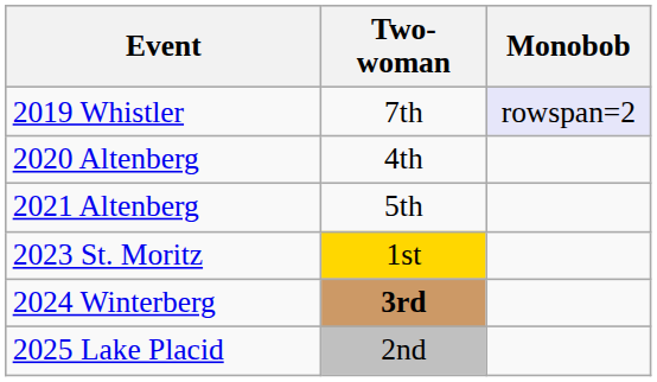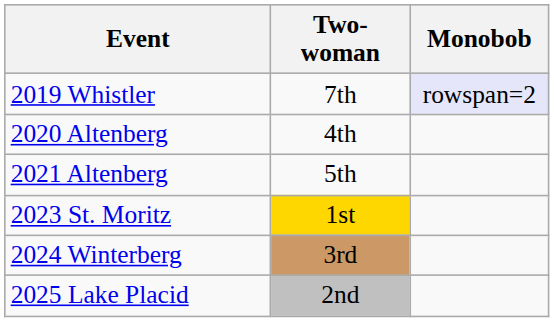 <table class="wikitable" style="text-align:center">
 <tr>
 <th style="width:160px">Event</th>
 <th style="width:80px">Two-woman</th>
 <th style="width:80px">Monobob</th>
 </tr>
 <tr>
 <td style="text-align:left"> <a href='#'>2019 Whistler</a></td>
 <td>7th</td>
 <td style="background: lavender;">rowspan=2 </td>
 </tr>
 <tr>
 <td style="text-align:left"> <a href='#'>2020 Altenberg</a></td>
 <td>4th</td>
 </tr>
 <tr>
 <td style="text-align:left"> <a href='#'>2021 Altenberg</a></td>
 <td>5th</td>
 <td></td>
 </tr>
 <tr>
 <td style="text-align:left"> <a href='#'>2023 St. Moritz</a></td>
 <td style="background:gold">1st</td>
 <td></td>
 </tr>
 <tr>
 <td style="text-align:left"> <a href='#'>2024 Winterberg</a></td>
-<td style="background:#cc9966"><strong>3rd</strong></td>
+<td style="background:#cc9966">3rd</td>
 <td></td>
 </tr>
 <tr>
 <td style="text-align:left"> <a href='#'>2025 Lake Placid</a></td>
 <td style="background:silver">2nd</td>
 <td></td>
 </tr>
 </table>
